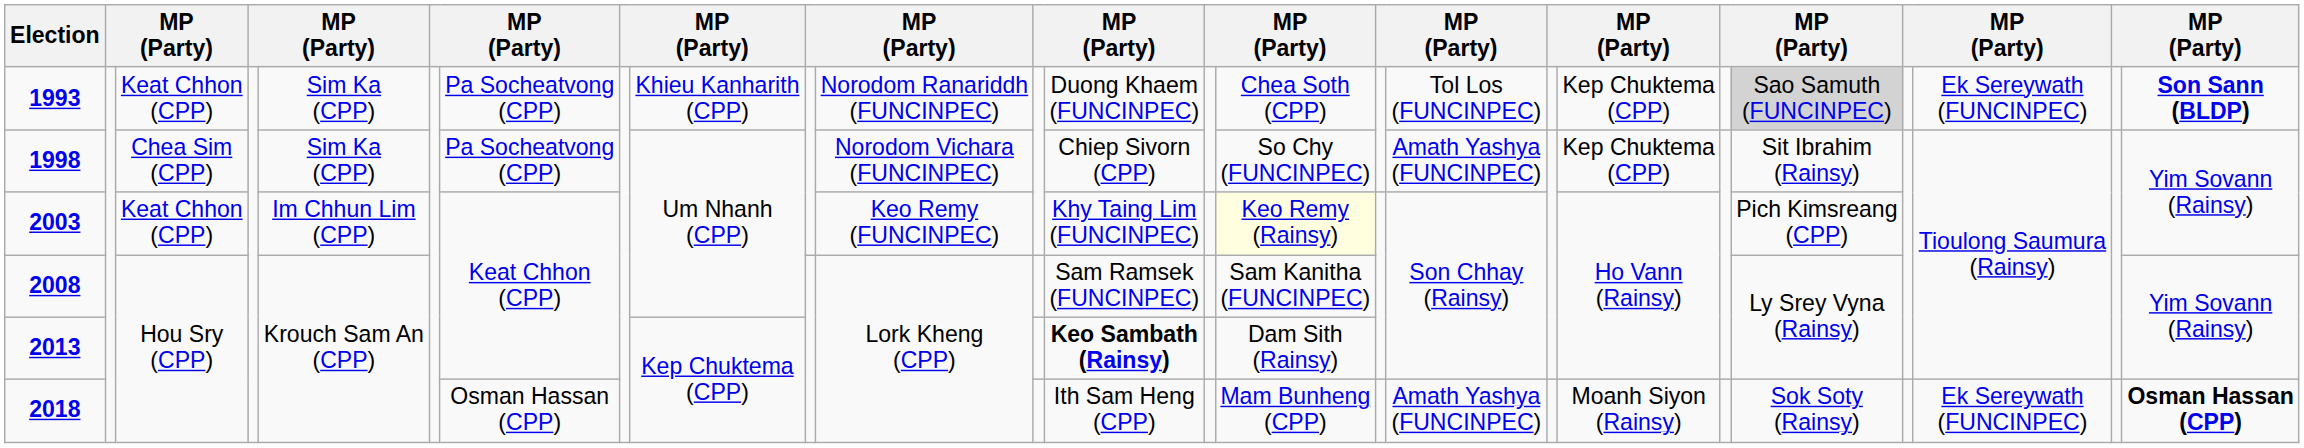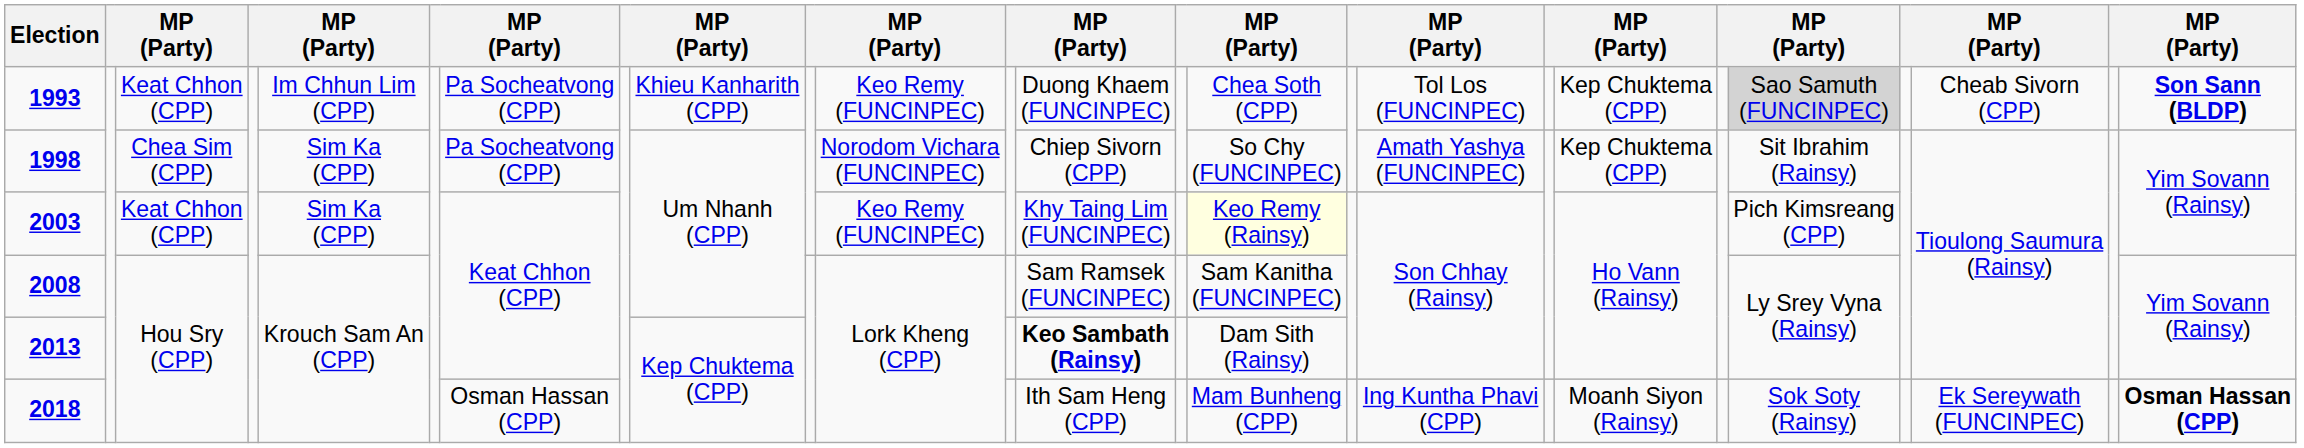 <table class="wikitable" style="text-align:center">
 <tr>
 <th>Election</th>
 <th colspan=2>MP<br>(Party)</th>
 <th colspan=2>MP<br>(Party)</th>
 <th colspan=2>MP<br>(Party)</th>
 <th colspan=2>MP<br>(Party)</th>
 <th colspan=2>MP<br>(Party)</th>
 <th colspan=2>MP<br>(Party)</th>
 <th colspan=2>MP<br>(Party)</th>
 <th colspan=2>MP<br>(Party)</th>
 <th colspan=2>MP<br>(Party)</th>
 <th colspan=2>MP<br>(Party)</th>
 <th colspan=2>MP<br>(Party)</th>
 <th colspan=2>MP<br>(Party)</th>
 </tr>
 <tr>
 <td><strong><a href='#'>1993</a></strong></td>
 <td rowspan=6; style="background-color: "></td>
 <td rowspan=1><a href='#'>Keat Chhon</a><br>(<a href='#'>CPP</a>)</td>
 <td rowspan=6; style="background-color: "></td>
-<td rowspan=1><a href='#'>Sim Ka</a><br>(<a href='#'>CPP</a>)</td>
+<td rowspan=1><a href='#'>Im Chhun Lim</a><br>(<a href='#'>CPP</a>)</td>
 <td rowspan=6; style="background-color: "></td>
 <td rowspan=1><a href='#'>Pa Socheatvong</a><br>(<a href='#'>CPP</a>)</td>
 <td rowspan=6; style="background-color: "></td>
 <td rowspan=1><a href='#'>Khieu Kanharith</a><br>(<a href='#'>CPP</a>)</td>
 <td rowspan=3; style="background-color: "></td>
-<td rowspan=1><a href='#'>Norodom Ranariddh</a><br>(<a href='#'>FUNCINPEC</a>)</td>
+<td rowspan=1><a href='#'>Keo Remy</a><br>(<a href='#'>FUNCINPEC</a>)</td>
 <td rowspan=3; style="background-color: "></td>
 <td rowspan=1>Duong Khaem<br>(<a href='#'>FUNCINPEC</a>)</td>
 <td rowspan=2; style="background-color: "></td>
 <td rowspan=1><a href='#'>Chea Soth</a><br>(<a href='#'>CPP</a>)</td>
 <td rowspan=2; style="background-color: "></td>
 <td rowspan=1>Tol Los<br>(<a href='#'>FUNCINPEC</a>)</td>
 <td rowspan=1; style="background-color: "></td>
 <td rowspan=1>Kep Chuktema<br>(<a href='#'>CPP</a>)</td>
 <td rowspan=1; style="background-color: "></td>
 <td rowspan=1 style="background: lightgrey;">Sao Samuth<br>(<a href='#'>FUNCINPEC</a>)</td>
 <td rowspan=1; style="background-color: "></td>
-<td rowspan=1><a href='#'>Ek Sereywath</a><br>(<a href='#'>FUNCINPEC</a>)</td>
+<td rowspan=1>Cheab Sivorn<br>(<a href='#'>CPP</a>)</td>
 <td rowspan=1; style="background-color: "></td>
 <td rowspan=1><strong><a href='#'>Son Sann</a><br>(<a href='#'>BLDP</a>)</strong></td>
 </tr>
 <tr>
 <td><strong><a href='#'>1998</a></strong></td>
 <td rowspan=1><a href='#'>Chea Sim</a><br>(<a href='#'>CPP</a>)</td>
 <td rowspan=1><a href='#'>Sim Ka</a><br>(<a href='#'>CPP</a>)</td>
 <td rowspan=1><a href='#'>Pa Socheatvong</a><br>(<a href='#'>CPP</a>)</td>
 <td rowspan=3>Um Nhanh<br>(<a href='#'>CPP</a>)</td>
 <td rowspan=1><a href='#'>Norodom Vichara</a><br>(<a href='#'>FUNCINPEC</a>)</td>
 <td rowspan=1>Chiep Sivorn<br>(<a href='#'>CPP</a>)</td>
 <td rowspan=1>So Chy<br>(<a href='#'>FUNCINPEC</a>)</td>
 <td rowspan=1><a href='#'>Amath Yashya</a><br>(<a href='#'>FUNCINPEC</a>)</td>
 <td rowspan=4; style="background-color: "></td>
 <td rowspan=1>Kep Chuktema<br>(<a href='#'>CPP</a>)</td>
 <td rowspan=4; style="background-color: "></td>
 <td rowspan=1>Sit Ibrahim<br>(<a href='#'>Rainsy</a>)</td>
 <td rowspan=4; style="background-color: "></td>
 <td rowspan=4><a href='#'>Tioulong Saumura</a><br>(<a href='#'>Rainsy</a>)</td>
 <td rowspan=4; style="background-color: "></td>
 <td rowspan=2><a href='#'>Yim Sovann</a><br>(<a href='#'>Rainsy</a>)</td>
 </tr>
 <tr>
 <td><strong><a href='#'>2003</a></strong></td>
 <td rowspan=1><a href='#'>Keat Chhon</a><br>(<a href='#'>CPP</a>)</td>
-<td rowspan=1><a href='#'>Im Chhun Lim</a><br>(<a href='#'>CPP</a>)</td>
+<td rowspan=1><a href='#'>Sim Ka</a><br>(<a href='#'>CPP</a>)</td>
 <td rowspan=3><a href='#'>Keat Chhon</a><br>(<a href='#'>CPP</a>)</td>
 <td rowspan=1><a href='#'>Keo Remy</a><br>(<a href='#'>FUNCINPEC</a>)</td>
 <td rowspan=1><a href='#'>Khy Taing Lim</a><br>(<a href='#'>FUNCINPEC</a>)</td>
 <td rowspan=1; style="background-color: "></td>
 <td rowspan=1 style="background: lightyellow;"><a href='#'>Keo Remy</a><br>(<a href='#'>Rainsy</a>)</td>
 <td rowspan=3; style="background-color: "></td>
 <td rowspan=3><a href='#'>Son Chhay</a><br>(<a href='#'>Rainsy</a>)</td>
 <td rowspan=3><a href='#'>Ho Vann</a><br>(<a href='#'>Rainsy</a>)</td>
 <td rowspan=1>Pich Kimsreang<br>(<a href='#'>CPP</a>)</td>
 </tr>
 <tr>
 <td><strong><a href='#'>2008</a></strong></td>
 <td rowspan=3>Hou Sry<br>(<a href='#'>CPP</a>)</td>
 <td rowspan=3>Krouch Sam An<br>(<a href='#'>CPP</a>)</td>
 <td rowspan=3; style="background-color: "></td>
 <td rowspan=3>Lork Kheng<br>(<a href='#'>CPP</a>)</td>
 <td rowspan=1; style="background-color: "></td>
 <td rowspan=1>Sam Ramsek<br>(<a href='#'>FUNCINPEC</a>)</td>
 <td rowspan=1; style="background-color: "></td>
 <td rowspan=1>Sam Kanitha<br>(<a href='#'>FUNCINPEC</a>)</td>
 <td rowspan=2>Ly Srey Vyna<br>(<a href='#'>Rainsy</a>)</td>
 <td rowspan=2><a href='#'>Yim Sovann</a><br>(<a href='#'>Rainsy</a>)</td>
 </tr>
 <tr>
 <td><strong><a href='#'>2013</a></strong></td>
 <td rowspan=2><a href='#'>Kep Chuktema</a><br>(<a href='#'>CPP</a>)</td>
 <td rowspan=1; style="background-color: "></td>
 <td rowspan=1><strong>Keo Sambath<br>(<a href='#'>Rainsy</a>)</strong></td>
 <td rowspan=1; style="background-color: "></td>
 <td rowspan=1>Dam Sith<br>(<a href='#'>Rainsy</a>)</td>
 </tr>
 <tr>
 <td><strong><a href='#'>2018</a></strong></td>
 <td rowspan=1>Osman Hassan<br>(<a href='#'>CPP</a>)</td>
 <td rowspan=1; style="background-color: "></td>
 <td rowspan=1>Ith Sam Heng<br>(<a href='#'>CPP</a>)</td>
 <td rowspan=1; style="background-color: "></td>
 <td rowspan=1><a href='#'>Mam Bunheng</a><br>(<a href='#'>CPP</a>)</td>
 <td rowspan=1; style="background-color: "></td>
-<td rowspan=1><a href='#'>Amath Yashya</a><br>(<a href='#'>FUNCINPEC</a>)</td>
+<td rowspan=1><a href='#'>Ing Kuntha Phavi</a><br>(<a href='#'>CPP</a>)</td>
 <td rowspan=1; style="background-color: "></td>
 <td rowspan=1>Moanh Siyon<br>(<a href='#'>Rainsy</a>)</td>
 <td rowspan=1; style="background-color: "></td>
 <td rowspan=1><a href='#'>Sok Soty</a><br>(<a href='#'>Rainsy</a>)</td>
 <td rowspan=1; style="background-color: "></td>
 <td rowspan=1><a href='#'>Ek Sereywath</a><br>(<a href='#'>FUNCINPEC</a>)</td>
 <td rowspan=1; style="background-color: "></td>
 <td rowspan=1><strong>Osman Hassan<br>(<a href='#'>CPP</a>)</strong></td>
 </tr>
 </table>
